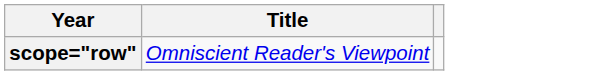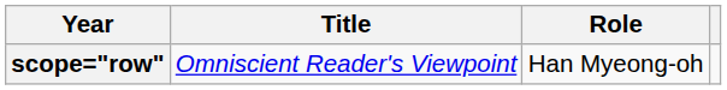 <table class="wikitable plainrowheaders sortable">
 <tr>
 <th scope="col">Year</th>
 <th scope="col">Title</th>
+<th scope="col">Role</th>
 <th scope="col" class="unsortable"></th>
 </tr>
 <tr>
 <th>scope="row"  </th>
 <td><em><a href='#'>Omniscient Reader's Viewpoint</a></em></td>
+<td>Han Myeong-oh</td>
 <td></td>
 </tr>
 </table>
